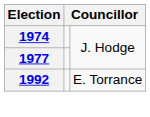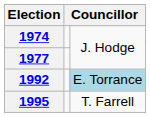 <table class="wikitable" style="text-align:center">
 <tr>
 <th>Election</th>
 <th colspan=2>Councillor</th>
 </tr>
 <tr>
 <th><a href='#'>1974</a></th>
 <td style="background-color: "></td>
 <td rowspan=2>J. Hodge</td>
 </tr>
 <tr>
 <th><a href='#'>1977</a></th>
 <td style="background-color: "></td>
 </tr>
 <tr>
 <th><a href='#'>1992</a></th>
 <td style="background-color: "></td>
-<td>E. Torrance</td>
+<td style="background: lightblue;">E. Torrance</td>
+</tr>
+<tr>
+<th><a href='#'>1995</a></th>
+<td style="background-color: "></td>
+<td>T. Farrell</td>
 </tr>
 </table>
